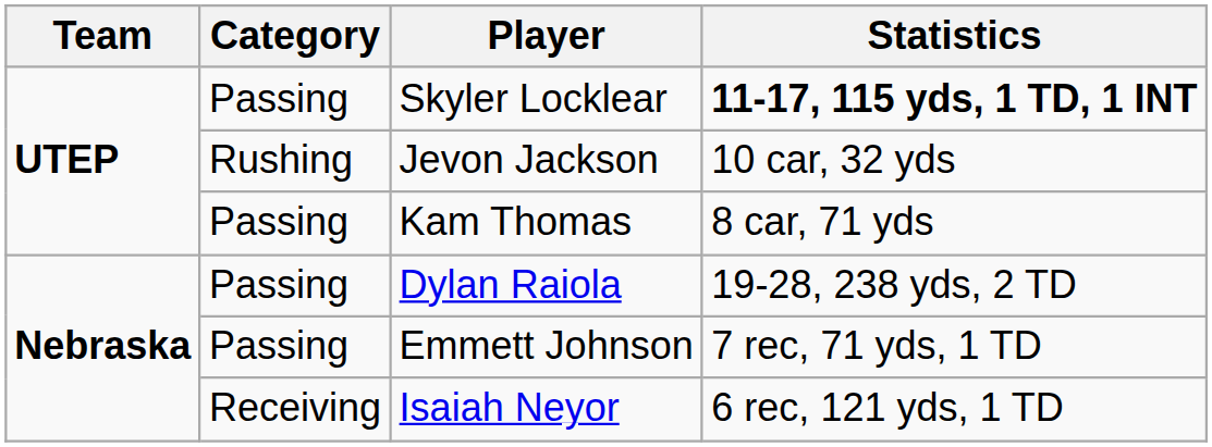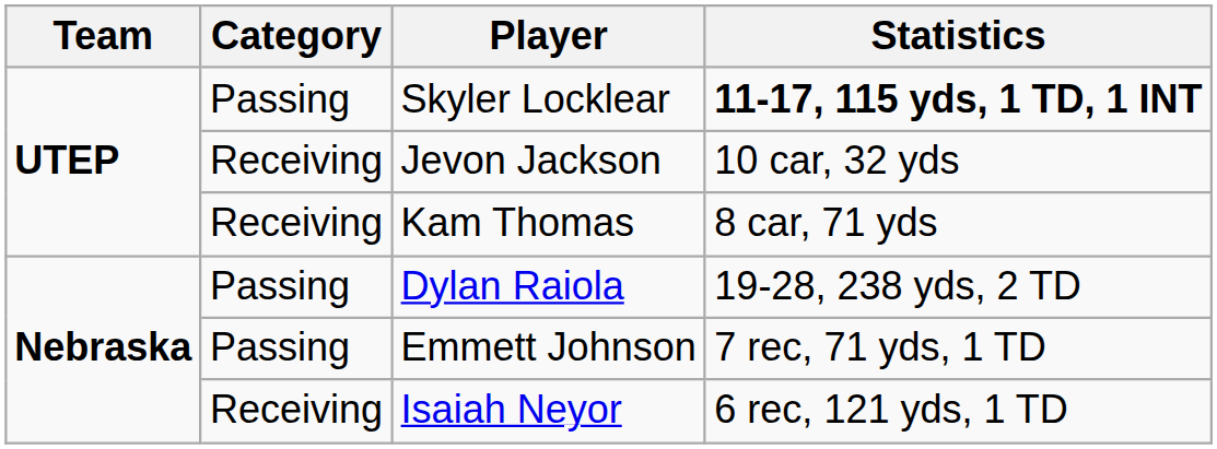 <table class="wikitable" style="float: right;">
 <tr>
 <th>Team</th>
 <th>Category</th>
 <th>Player</th>
 <th>Statistics</th>
 </tr>
 <tr>
 <td rowspan=3><strong>UTEP</strong></td>
 <td>Passing</td>
 <td>Skyler Locklear</td>
 <td><strong>11-17, 115 yds, 1 TD, 1 INT</strong></td>
 </tr>
 <tr>
-<td>Rushing</td>
+<td>Receiving</td>
 <td>Jevon Jackson</td>
 <td>10 car, 32 yds</td>
 </tr>
 <tr>
-<td>Passing</td>
+<td>Receiving</td>
 <td>Kam Thomas</td>
 <td>8 car, 71 yds</td>
 </tr>
 <tr>
 <td rowspan=3><strong>Nebraska</strong></td>
 <td>Passing</td>
 <td><a href='#'>Dylan Raiola</a></td>
 <td>19-28, 238 yds, 2 TD</td>
 </tr>
 <tr>
 <td>Passing</td>
 <td>Emmett Johnson</td>
 <td>7 rec, 71 yds, 1 TD</td>
 </tr>
 <tr>
 <td>Receiving</td>
 <td><a href='#'>Isaiah Neyor</a></td>
 <td>6 rec, 121 yds, 1 TD</td>
 </tr>
 </table>
